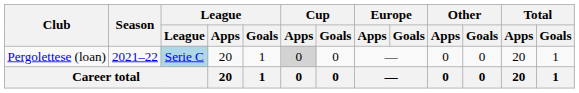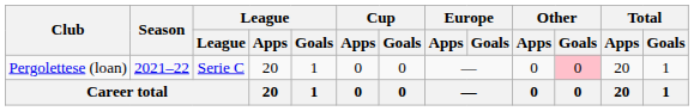 <table class="wikitable" style="text-align:center">
 <tr>
 <th rowspan="2">Club</th>
 <th rowspan="2">Season</th>
 <th colspan="3">League</th>
 <th colspan="2">Cup</th>
 <th colspan="2">Europe</th>
 <th colspan="2">Other</th>
 <th colspan="2">Total</th>
 </tr>
 <tr>
 <th>League</th>
 <th>Apps</th>
 <th>Goals</th>
 <th>Apps</th>
 <th>Goals</th>
 <th>Apps</th>
 <th>Goals</th>
 <th>Apps</th>
 <th>Goals</th>
 <th>Apps</th>
 <th>Goals</th>
 </tr>
 <tr>
 <td><a href='#'>Pergolettese</a> (loan)</td>
 <td><a href='#'>2021–22</a></td>
-<td style="background: lightblue;"><a href='#'>Serie C</a></td>
+<td><a href='#'>Serie C</a></td>
 <td>20</td>
 <td>1</td>
-<td style="background: lightgrey;">0</td>
+<td>0</td>
 <td>0</td>
 <td colspan="2">—</td>
 <td>0</td>
-<td>0</td>
+<td style="background: pink;">0</td>
 <td>20</td>
 <td>1</td>
 </tr>
 <tr>
 <th colspan="3">Career total</th>
 <th>20</th>
 <th>1</th>
 <th>0</th>
 <th>0</th>
 <th colspan="2">—</th>
 <th>0</th>
 <th>0</th>
 <th>20</th>
 <th>1</th>
 </tr>
 </table>
